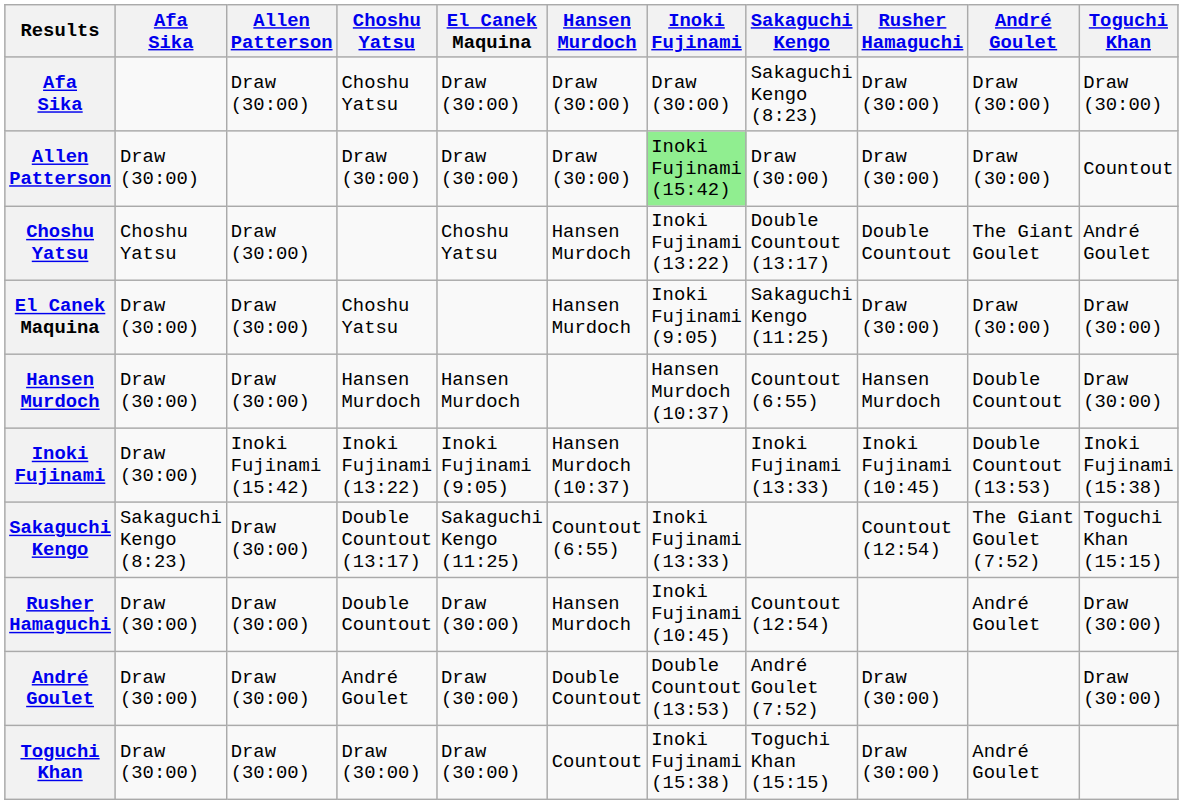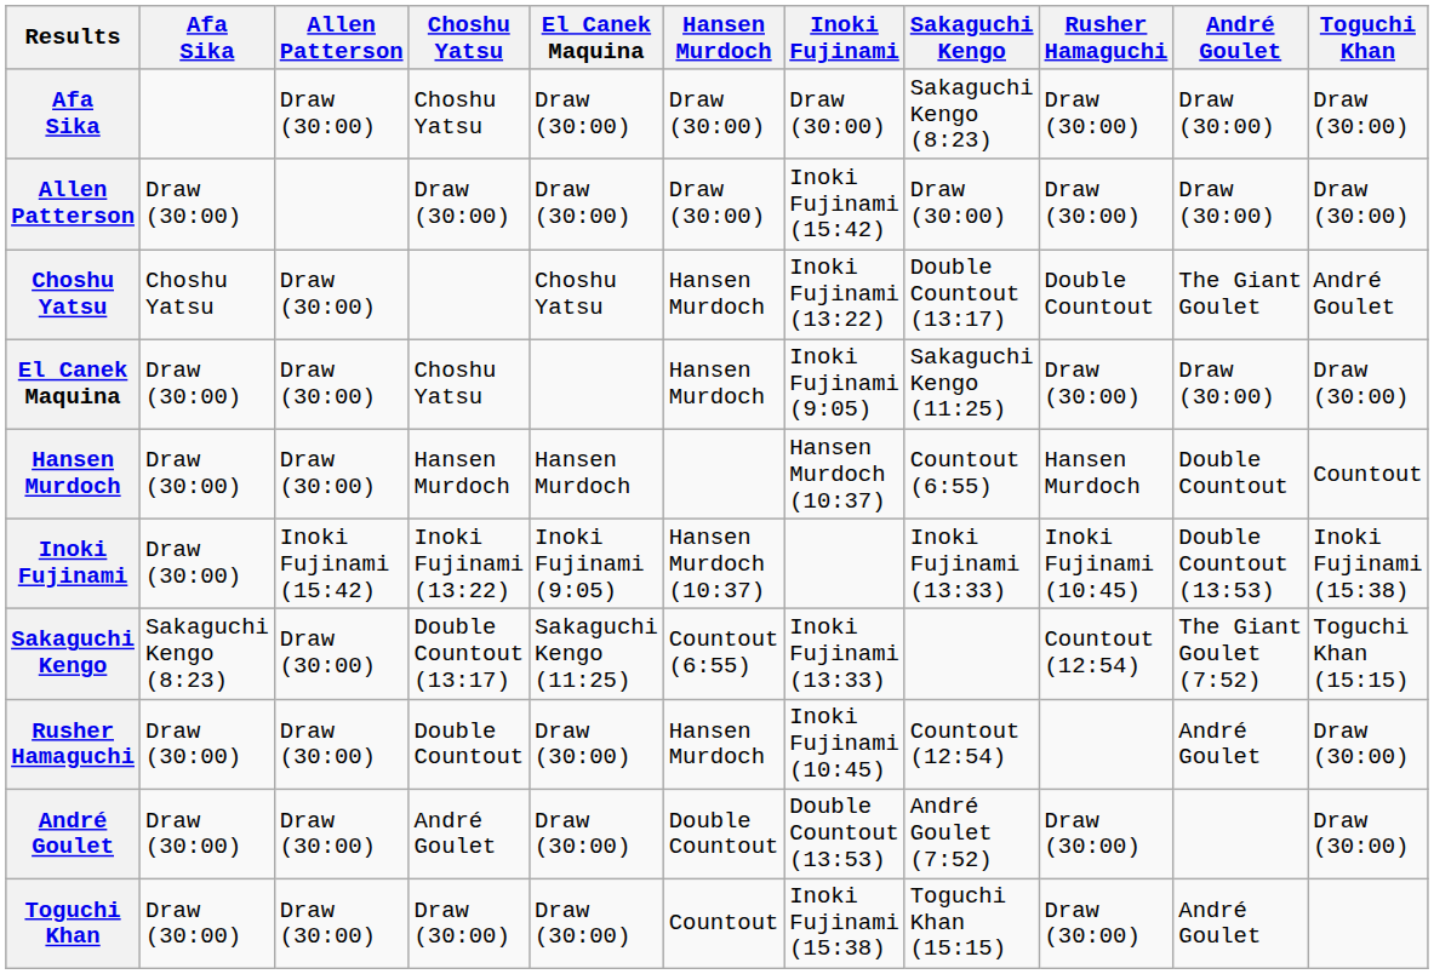 <table class="wikitable" style="margin: 1em auto 1em auto">
 <tr>
 <th>Results</th>
 <th><a href='#'>Afa</a><br><a href='#'>Sika</a></th>
 <th><a href='#'>Allen</a><br><a href='#'>Patterson</a></th>
 <th><a href='#'>Choshu</a><br><a href='#'>Yatsu</a></th>
 <th><a href='#'>El Canek</a><br>Maquina</th>
 <th><a href='#'>Hansen</a><br><a href='#'>Murdoch</a></th>
 <th><a href='#'>Inoki</a><br><a href='#'>Fujinami</a></th>
 <th><a href='#'>Sakaguchi</a><br><a href='#'>Kengo</a></th>
 <th><a href='#'>Rusher</a><br><a href='#'>Hamaguchi</a></th>
 <th><a href='#'>André</a><br><a href='#'>Goulet</a></th>
 <th><a href='#'>Toguchi</a><br><a href='#'>Khan</a></th>
 </tr>
 <tr>
 <th><a href='#'>Afa</a><br><a href='#'>Sika</a></th>
 <td></td>
 <td>Draw<br>(30:00)</td>
 <td>Choshu<br>Yatsu</td>
 <td>Draw<br>(30:00)</td>
 <td>Draw<br>(30:00)</td>
 <td>Draw<br>(30:00)</td>
 <td>Sakaguchi<br>Kengo<br>(8:23)</td>
 <td>Draw<br>(30:00)</td>
 <td>Draw<br>(30:00)</td>
 <td>Draw<br>(30:00)</td>
 </tr>
 <tr>
 <th><a href='#'>Allen</a><br><a href='#'>Patterson</a></th>
 <td>Draw<br>(30:00)</td>
 <td></td>
 <td>Draw<br>(30:00)</td>
 <td>Draw<br>(30:00)</td>
 <td>Draw<br>(30:00)</td>
-<td style="background: lightgreen;">Inoki<br>Fujinami<br>(15:42)</td>
+<td>Inoki<br>Fujinami<br>(15:42)</td>
 <td>Draw<br>(30:00)</td>
 <td>Draw<br>(30:00)</td>
 <td>Draw<br>(30:00)</td>
-<td>Countout<br></td>
+<td>Draw<br>(30:00)</td>
 </tr>
 <tr>
 <th><a href='#'>Choshu</a><br><a href='#'>Yatsu</a></th>
 <td>Choshu<br>Yatsu</td>
 <td>Draw<br>(30:00)</td>
 <td></td>
 <td>Choshu<br>Yatsu</td>
 <td>Hansen<br>Murdoch</td>
 <td>Inoki<br>Fujinami<br>(13:22)</td>
 <td>Double<br>Countout<br>(13:17)</td>
 <td>Double<br>Countout</td>
 <td>The Giant<br>Goulet</td>
 <td>André<br>Goulet</td>
 </tr>
 <tr>
 <th><a href='#'>El Canek</a><br>Maquina</th>
 <td>Draw<br>(30:00)</td>
 <td>Draw<br>(30:00)</td>
 <td>Choshu<br>Yatsu</td>
 <td></td>
 <td>Hansen<br>Murdoch</td>
 <td>Inoki<br>Fujinami<br>(9:05)</td>
 <td>Sakaguchi<br>Kengo<br>(11:25)</td>
 <td>Draw<br>(30:00)</td>
 <td>Draw<br>(30:00)</td>
 <td>Draw<br>(30:00)</td>
 </tr>
 <tr>
 <th><a href='#'>Hansen</a><br><a href='#'>Murdoch</a></th>
 <td>Draw<br>(30:00)</td>
 <td>Draw<br>(30:00)</td>
 <td>Hansen<br>Murdoch</td>
 <td>Hansen<br>Murdoch</td>
 <td></td>
 <td>Hansen<br>Murdoch<br>(10:37)</td>
 <td>Countout<br>(6:55)</td>
 <td>Hansen<br>Murdoch</td>
 <td>Double<br>Countout</td>
-<td>Draw<br>(30:00)</td>
+<td>Countout<br></td>
 </tr>
 <tr>
 <th><a href='#'>Inoki</a><br><a href='#'>Fujinami</a></th>
 <td>Draw<br>(30:00)</td>
 <td>Inoki<br>Fujinami<br>(15:42)</td>
 <td>Inoki<br>Fujinami<br>(13:22)</td>
 <td>Inoki<br>Fujinami<br>(9:05)</td>
 <td>Hansen<br>Murdoch<br>(10:37)</td>
 <td></td>
 <td>Inoki<br>Fujinami<br>(13:33)</td>
 <td>Inoki<br>Fujinami<br>(10:45)</td>
 <td>Double<br>Countout<br>(13:53)</td>
 <td>Inoki<br>Fujinami<br>(15:38)</td>
 </tr>
 <tr>
 <th><a href='#'>Sakaguchi</a><br><a href='#'>Kengo</a></th>
 <td>Sakaguchi<br>Kengo<br>(8:23)</td>
 <td>Draw<br>(30:00)</td>
 <td>Double<br>Countout<br>(13:17)</td>
 <td>Sakaguchi<br>Kengo<br>(11:25)</td>
 <td>Countout<br>(6:55)</td>
 <td>Inoki<br>Fujinami<br>(13:33)</td>
 <td></td>
 <td>Countout<br>(12:54)</td>
 <td>The Giant<br>Goulet<br>(7:52)</td>
 <td>Toguchi<br>Khan<br>(15:15)</td>
 </tr>
 <tr>
 <th><a href='#'>Rusher</a><br><a href='#'>Hamaguchi</a></th>
 <td>Draw<br>(30:00)</td>
 <td>Draw<br>(30:00)</td>
 <td>Double<br>Countout</td>
 <td>Draw<br>(30:00)</td>
 <td>Hansen<br>Murdoch</td>
 <td>Inoki<br>Fujinami<br>(10:45)</td>
 <td>Countout<br>(12:54)</td>
 <td></td>
 <td>André<br>Goulet</td>
 <td>Draw<br>(30:00)</td>
 </tr>
 <tr>
 <th><a href='#'>André</a><br><a href='#'>Goulet</a></th>
 <td>Draw<br>(30:00)</td>
 <td>Draw<br>(30:00)</td>
 <td>André<br>Goulet</td>
 <td>Draw<br>(30:00)</td>
 <td>Double<br>Countout</td>
 <td>Double<br>Countout<br>(13:53)</td>
 <td>André<br>Goulet<br>(7:52)</td>
 <td>Draw<br>(30:00)</td>
 <td></td>
 <td>Draw<br>(30:00)</td>
 </tr>
 <tr>
 <th><a href='#'>Toguchi</a><br><a href='#'>Khan</a></th>
 <td>Draw<br>(30:00)</td>
 <td>Draw<br>(30:00)</td>
 <td>Draw<br>(30:00)</td>
 <td>Draw<br>(30:00)</td>
 <td>Countout<br></td>
 <td>Inoki<br>Fujinami<br>(15:38)</td>
 <td>Toguchi<br>Khan<br>(15:15)</td>
 <td>Draw<br>(30:00)</td>
 <td>André<br>Goulet</td>
 <td></td>
 </tr>
 </table>
